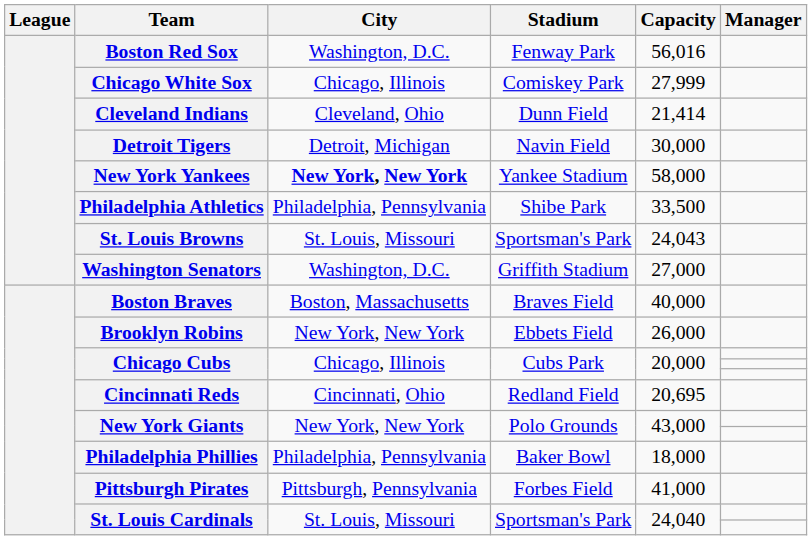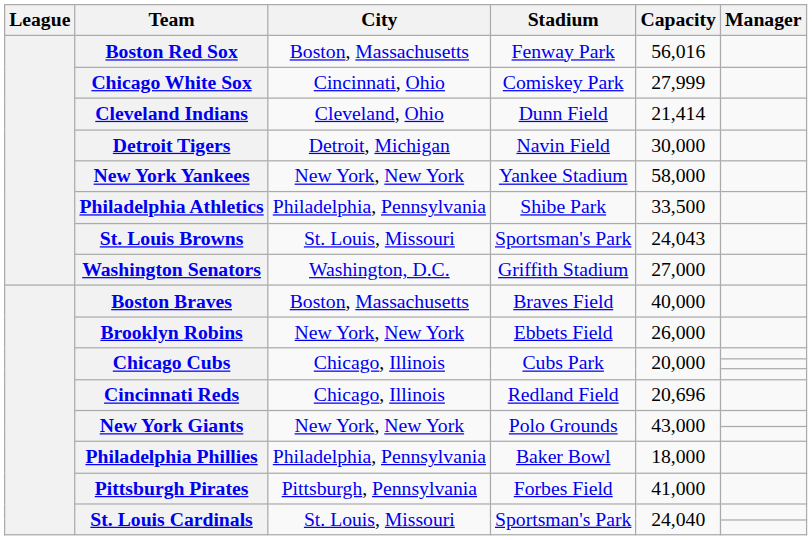 <table class="wikitable sortable plainrowheaders" style="text-align:center;">
 <tr>
 <th scope="col">League</th>
 <th scope="col">Team</th>
 <th scope="col">City</th>
 <th scope="col">Stadium</th>
 <th scope="col">Capacity</th>
 <th scope="col">Manager</th>
 </tr>
 <tr>
 <th rowspan="8"></th>
 <th scope="row"><a href='#'>Boston Red Sox</a></th>
-<td><a href='#'>Washington, D.C.</a></td>
+<td><a href='#'>Boston</a>, <a href='#'>Massachusetts</a></td>
 <td><a href='#'>Fenway Park</a></td>
 <td>56,016</td>
 <td></td>
 </tr>
 <tr>
 <th scope="row"><a href='#'>Chicago White Sox</a></th>
-<td><a href='#'>Chicago</a>, <a href='#'>Illinois</a></td>
+<td><a href='#'>Cincinnati</a>, <a href='#'>Ohio</a></td>
 <td><a href='#'>Comiskey Park</a></td>
 <td>27,999</td>
 <td></td>
 </tr>
 <tr>
 <th scope="row"><a href='#'>Cleveland Indians</a></th>
 <td><a href='#'>Cleveland</a>, <a href='#'>Ohio</a></td>
 <td><a href='#'>Dunn Field</a></td>
 <td>21,414</td>
 <td></td>
 </tr>
 <tr>
 <th scope="row"><a href='#'>Detroit Tigers</a></th>
 <td><a href='#'>Detroit</a>, <a href='#'>Michigan</a></td>
 <td><a href='#'>Navin Field</a></td>
 <td>30,000</td>
 <td></td>
 </tr>
 <tr>
 <th scope="row"><a href='#'>New York Yankees</a></th>
-<td><strong><a href='#'>New York</a>, <a href='#'>New York</a></strong></td>
+<td><a href='#'>New York</a>, <a href='#'>New York</a></td>
 <td><a href='#'>Yankee Stadium</a></td>
 <td>58,000</td>
 <td></td>
 </tr>
 <tr>
 <th scope="row"><a href='#'>Philadelphia Athletics</a></th>
 <td><a href='#'>Philadelphia</a>, <a href='#'>Pennsylvania</a></td>
 <td><a href='#'>Shibe Park</a></td>
 <td>33,500</td>
 <td></td>
 </tr>
 <tr>
 <th scope="row"><a href='#'>St. Louis Browns</a></th>
 <td><a href='#'>St. Louis</a>, <a href='#'>Missouri</a></td>
 <td><a href='#'>Sportsman's Park</a></td>
 <td>24,043</td>
 <td></td>
 </tr>
 <tr>
 <th scope="row"><a href='#'>Washington Senators</a></th>
 <td><a href='#'>Washington, D.C.</a></td>
 <td><a href='#'>Griffith Stadium</a></td>
 <td>27,000</td>
 <td></td>
 </tr>
 <tr>
 <th rowspan="12"></th>
 <th scope="row"><a href='#'>Boston Braves</a></th>
 <td><a href='#'>Boston</a>, <a href='#'>Massachusetts</a></td>
 <td><a href='#'>Braves Field</a></td>
 <td>40,000</td>
 <td></td>
 </tr>
 <tr>
 <th scope="row"><a href='#'>Brooklyn Robins</a></th>
 <td><a href='#'>New York</a>, <a href='#'>New York</a></td>
 <td><a href='#'>Ebbets Field</a></td>
 <td>26,000</td>
 <td></td>
 </tr>
 <tr>
 <th rowspan="3" scope="row"><a href='#'>Chicago Cubs</a></th>
 <td rowspan="3"><a href='#'>Chicago</a>, <a href='#'>Illinois</a></td>
 <td rowspan="3"><a href='#'>Cubs Park</a></td>
 <td rowspan="3">20,000</td>
 <td></td>
 </tr>
 <tr>
 <td></td>
 </tr>
 <tr>
 <td></td>
 </tr>
 <tr>
 <th scope="row"><a href='#'>Cincinnati Reds</a></th>
-<td><a href='#'>Cincinnati</a>, <a href='#'>Ohio</a></td>
+<td><a href='#'>Chicago</a>, <a href='#'>Illinois</a></td>
 <td><a href='#'>Redland Field</a></td>
-<td>20,695</td>
+<td>20,696</td>
 <td></td>
 </tr>
 <tr>
 <th rowspan="2" scope="row"><a href='#'>New York Giants</a></th>
 <td rowspan="2"><a href='#'>New York</a>, <a href='#'>New York</a></td>
 <td rowspan="2"><a href='#'>Polo Grounds</a></td>
 <td rowspan="2">43,000</td>
 <td></td>
 </tr>
 <tr>
 <td></td>
 </tr>
 <tr>
 <th scope="row"><a href='#'>Philadelphia Phillies</a></th>
 <td><a href='#'>Philadelphia</a>, <a href='#'>Pennsylvania</a></td>
 <td><a href='#'>Baker Bowl</a></td>
 <td>18,000</td>
 <td></td>
 </tr>
 <tr>
 <th scope="row"><a href='#'>Pittsburgh Pirates</a></th>
 <td><a href='#'>Pittsburgh</a>, <a href='#'>Pennsylvania</a></td>
 <td><a href='#'>Forbes Field</a></td>
 <td>41,000</td>
 <td></td>
 </tr>
 <tr>
 <th rowspan="2" scope="row"><a href='#'>St. Louis Cardinals</a></th>
 <td rowspan="2"><a href='#'>St. Louis</a>, <a href='#'>Missouri</a></td>
 <td rowspan="2"><a href='#'>Sportsman's Park</a></td>
 <td rowspan="2">24,040</td>
 <td></td>
 </tr>
 <tr>
 <td></td>
 </tr>
 </table>
